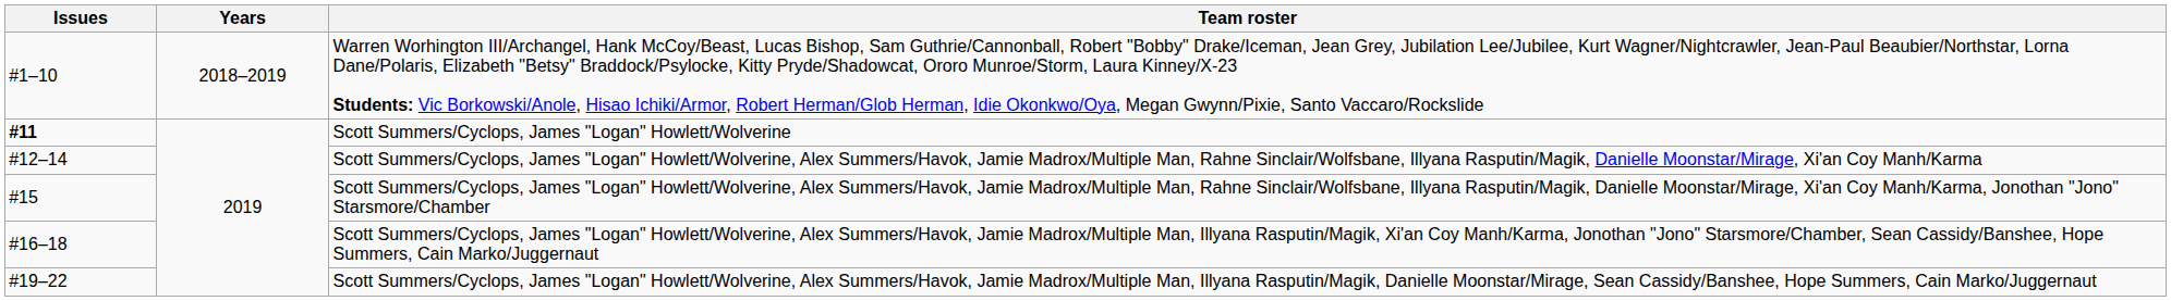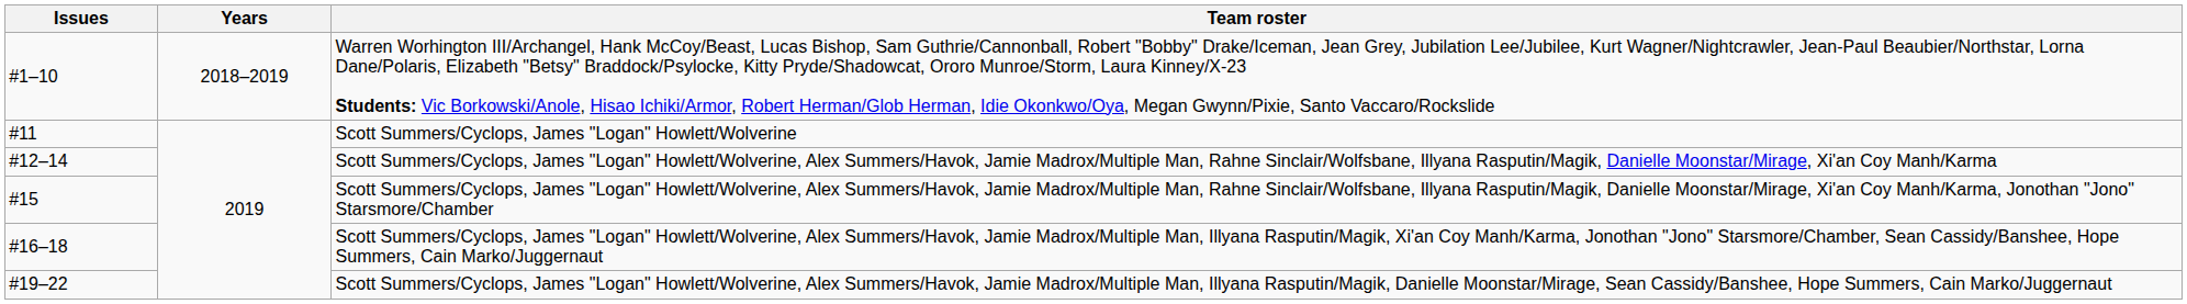 <table class="wikitable" width="100%">
 <tr>
 <th scope="col" width="7%">Issues</th>
 <th scope="col" width="8%">Years</th>
 <th scope="col" width="85%">Team roster</th>
 </tr>
 <tr>
 <td>#1–10</td>
 <td align="center">2018–2019</td>
 <td>Warren Worhington III/Archangel, Hank McCoy/Beast, Lucas Bishop, Sam Guthrie/Cannonball, Robert "Bobby" Drake/Iceman, Jean Grey, Jubilation Lee/Jubilee, Kurt Wagner/Nightcrawler, Jean-Paul Beaubier/Northstar, Lorna Dane/Polaris, Elizabeth "Betsy" Braddock/Psylocke, Kitty Pryde/Shadowcat, Ororo Munroe/Storm, Laura Kinney/X-23<br><br><strong>Students:</strong> <a href='#'>Vic Borkowski/Anole</a>, <a href='#'>Hisao Ichiki/Armor</a>, <a href='#'>Robert Herman/Glob Herman</a>, <a href='#'>Idie Okonkwo/Oya</a>, Megan Gwynn/Pixie, Santo Vaccaro/Rockslide</td>
 </tr>
 <tr>
-<td><strong>#11</strong></td>
+<td>#11</td>
 <td rowspan="5" align="center">2019</td>
 <td>Scott Summers/Cyclops, James "Logan" Howlett/Wolverine</td>
 </tr>
 <tr>
 <td>#12–14</td>
 <td>Scott Summers/Cyclops, James "Logan" Howlett/Wolverine, Alex Summers/Havok, Jamie Madrox/Multiple Man, Rahne Sinclair/Wolfsbane, Illyana Rasputin/Magik, <a href='#'>Danielle Moonstar/Mirage</a>, Xi'an Coy Manh/Karma</td>
 </tr>
 <tr>
 <td>#15</td>
 <td>Scott Summers/Cyclops, James "Logan" Howlett/Wolverine, Alex Summers/Havok, Jamie Madrox/Multiple Man, Rahne Sinclair/Wolfsbane, Illyana Rasputin/Magik, Danielle Moonstar/Mirage, Xi'an Coy Manh/Karma, Jonothan "Jono" Starsmore/Chamber</td>
 </tr>
 <tr>
 <td>#16–18</td>
 <td>Scott Summers/Cyclops, James "Logan" Howlett/Wolverine, Alex Summers/Havok, Jamie Madrox/Multiple Man, Illyana Rasputin/Magik, Xi'an Coy Manh/Karma, Jonothan "Jono" Starsmore/Chamber, Sean Cassidy/Banshee, Hope Summers, Cain Marko/Juggernaut</td>
 </tr>
 <tr>
 <td>#19–22</td>
 <td>Scott Summers/Cyclops, James "Logan" Howlett/Wolverine, Alex Summers/Havok, Jamie Madrox/Multiple Man, Illyana Rasputin/Magik, Danielle Moonstar/Mirage, Sean Cassidy/Banshee, Hope Summers, Cain Marko/Juggernaut</td>
 </tr>
 </table>
